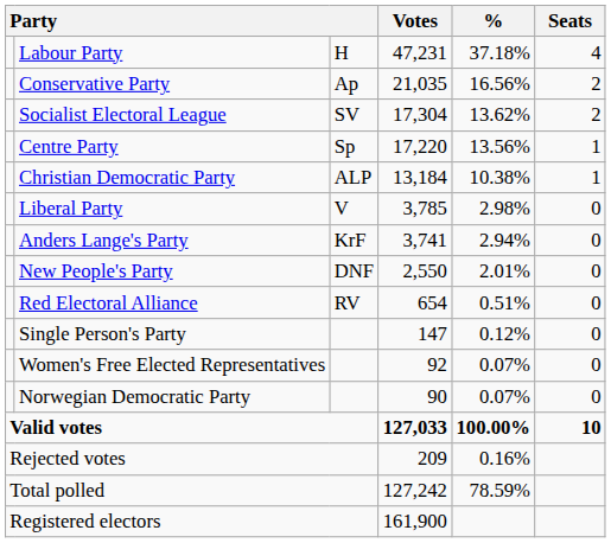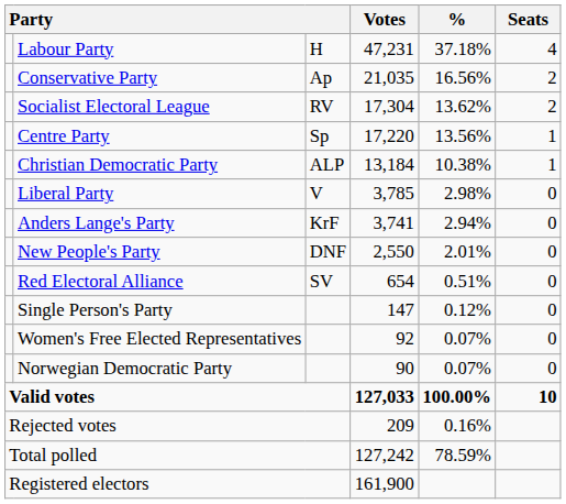 <table class="wikitable" border="1" style="text-align:right;">
 <tr>
 <th style="text-align:left;" colspan=3>Party</th>
 <th align=center width="50">Votes</th>
 <th align=center width="50">%</th>
 <th align=center width="50">Seats</th>
 </tr>
 <tr>
 <td style="color:inherit;background:"></td>
 <td align=left><a href='#'>Labour Party</a></td>
 <td align=left>H</td>
 <td>47,231</td>
 <td>37.18%</td>
 <td>4</td>
 </tr>
 <tr>
 <td style="color:inherit;background:"></td>
 <td align=left><a href='#'>Conservative Party</a></td>
 <td align=left>Ap</td>
 <td>21,035</td>
 <td>16.56%</td>
 <td>2</td>
 </tr>
 <tr>
 <td style="color:inherit;background:"></td>
 <td align=left><a href='#'>Socialist Electoral League</a></td>
-<td align=left>SV</td>
+<td align=left>RV</td>
 <td>17,304</td>
 <td>13.62%</td>
 <td>2</td>
 </tr>
 <tr>
 <td style="color:inherit;background:"></td>
 <td align=left><a href='#'>Centre Party</a></td>
 <td align=left>Sp</td>
 <td>17,220</td>
 <td>13.56%</td>
 <td>1</td>
 </tr>
 <tr>
 <td style="color:inherit;background:"></td>
 <td align=left><a href='#'>Christian Democratic Party</a></td>
 <td align=left>ALP</td>
 <td>13,184</td>
 <td>10.38%</td>
 <td>1</td>
 </tr>
 <tr>
 <td style="color:inherit;background:"></td>
 <td align=left><a href='#'>Liberal Party</a></td>
 <td align=left>V</td>
 <td>3,785</td>
 <td>2.98%</td>
 <td>0</td>
 </tr>
 <tr>
 <td style="color:inherit;background:"></td>
 <td align=left><a href='#'>Anders Lange's Party</a></td>
 <td align=left>KrF</td>
 <td>3,741</td>
 <td>2.94%</td>
 <td>0</td>
 </tr>
 <tr>
 <td style="color:inherit;background:"></td>
 <td align=left><a href='#'>New People's Party</a></td>
 <td align=left>DNF</td>
 <td>2,550</td>
 <td>2.01%</td>
 <td>0</td>
 </tr>
 <tr>
 <td style="color:inherit;background:"></td>
 <td align=left><a href='#'>Red Electoral Alliance</a></td>
-<td align=left>RV</td>
+<td align=left>SV</td>
 <td>654</td>
 <td>0.51%</td>
 <td>0</td>
 </tr>
 <tr>
 <td></td>
 <td align=left>Single Person's Party</td>
 <td align=left></td>
 <td>147</td>
 <td>0.12%</td>
 <td>0</td>
 </tr>
 <tr>
 <td></td>
 <td align=left>Women's Free Elected Representatives</td>
 <td align=left></td>
 <td>92</td>
 <td>0.07%</td>
 <td>0</td>
 </tr>
 <tr>
 <td></td>
 <td align=left>Norwegian Democratic Party</td>
 <td align=left></td>
 <td>90</td>
 <td>0.07%</td>
 <td>0</td>
 </tr>
 <tr style="font-weight:bold">
 <td align=left colspan=3>Valid votes</td>
 <td>127,033</td>
 <td>100.00%</td>
 <td>10</td>
 </tr>
 <tr>
 <td align=left colspan=3>Rejected votes</td>
 <td>209</td>
 <td>0.16%</td>
 <td></td>
 </tr>
 <tr>
 <td align=left colspan=3>Total polled</td>
 <td>127,242</td>
 <td>78.59%</td>
 <td></td>
 </tr>
 <tr>
 <td align=left colspan=3>Registered electors</td>
 <td>161,900</td>
 <td></td>
 <td></td>
 </tr>
 </table>
